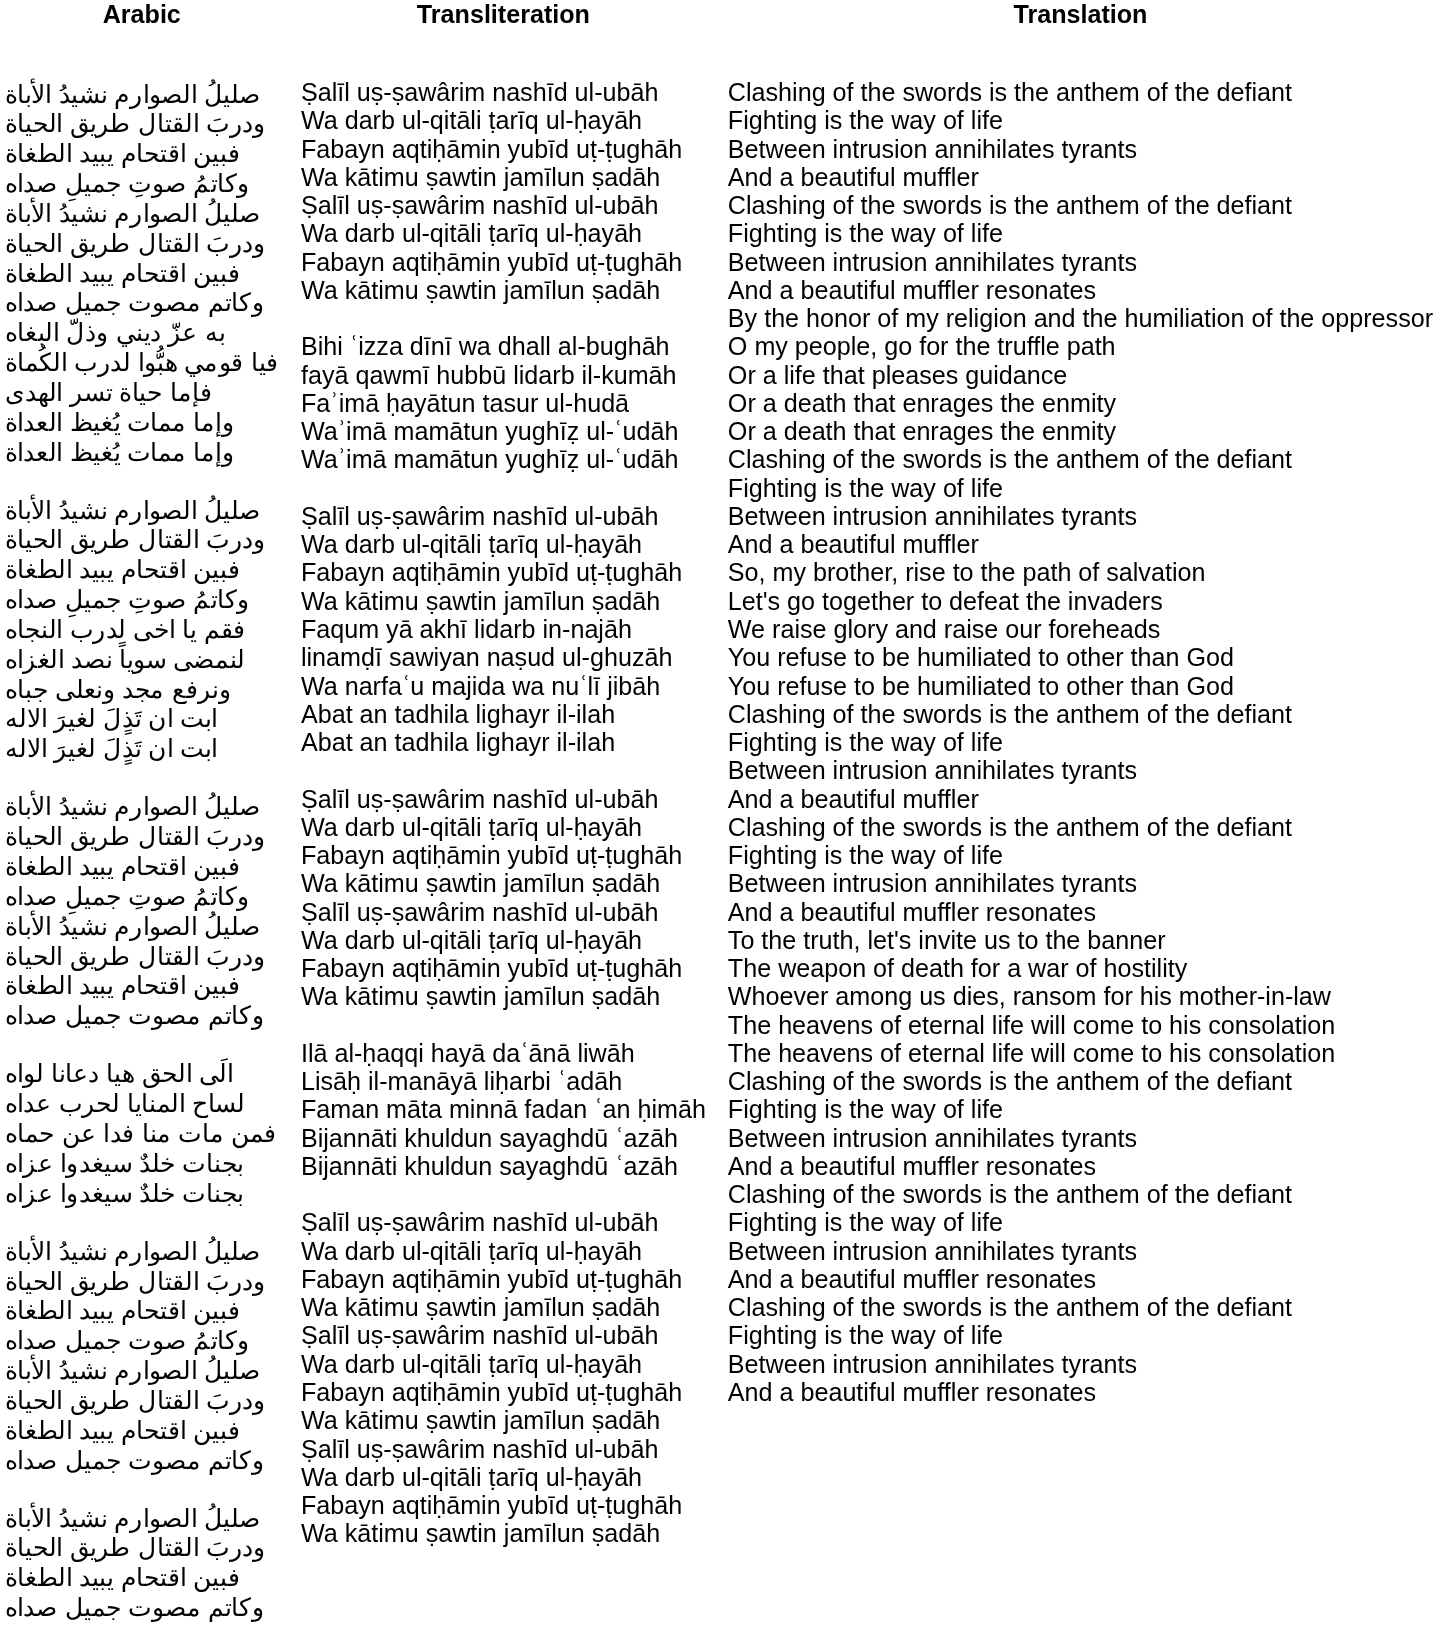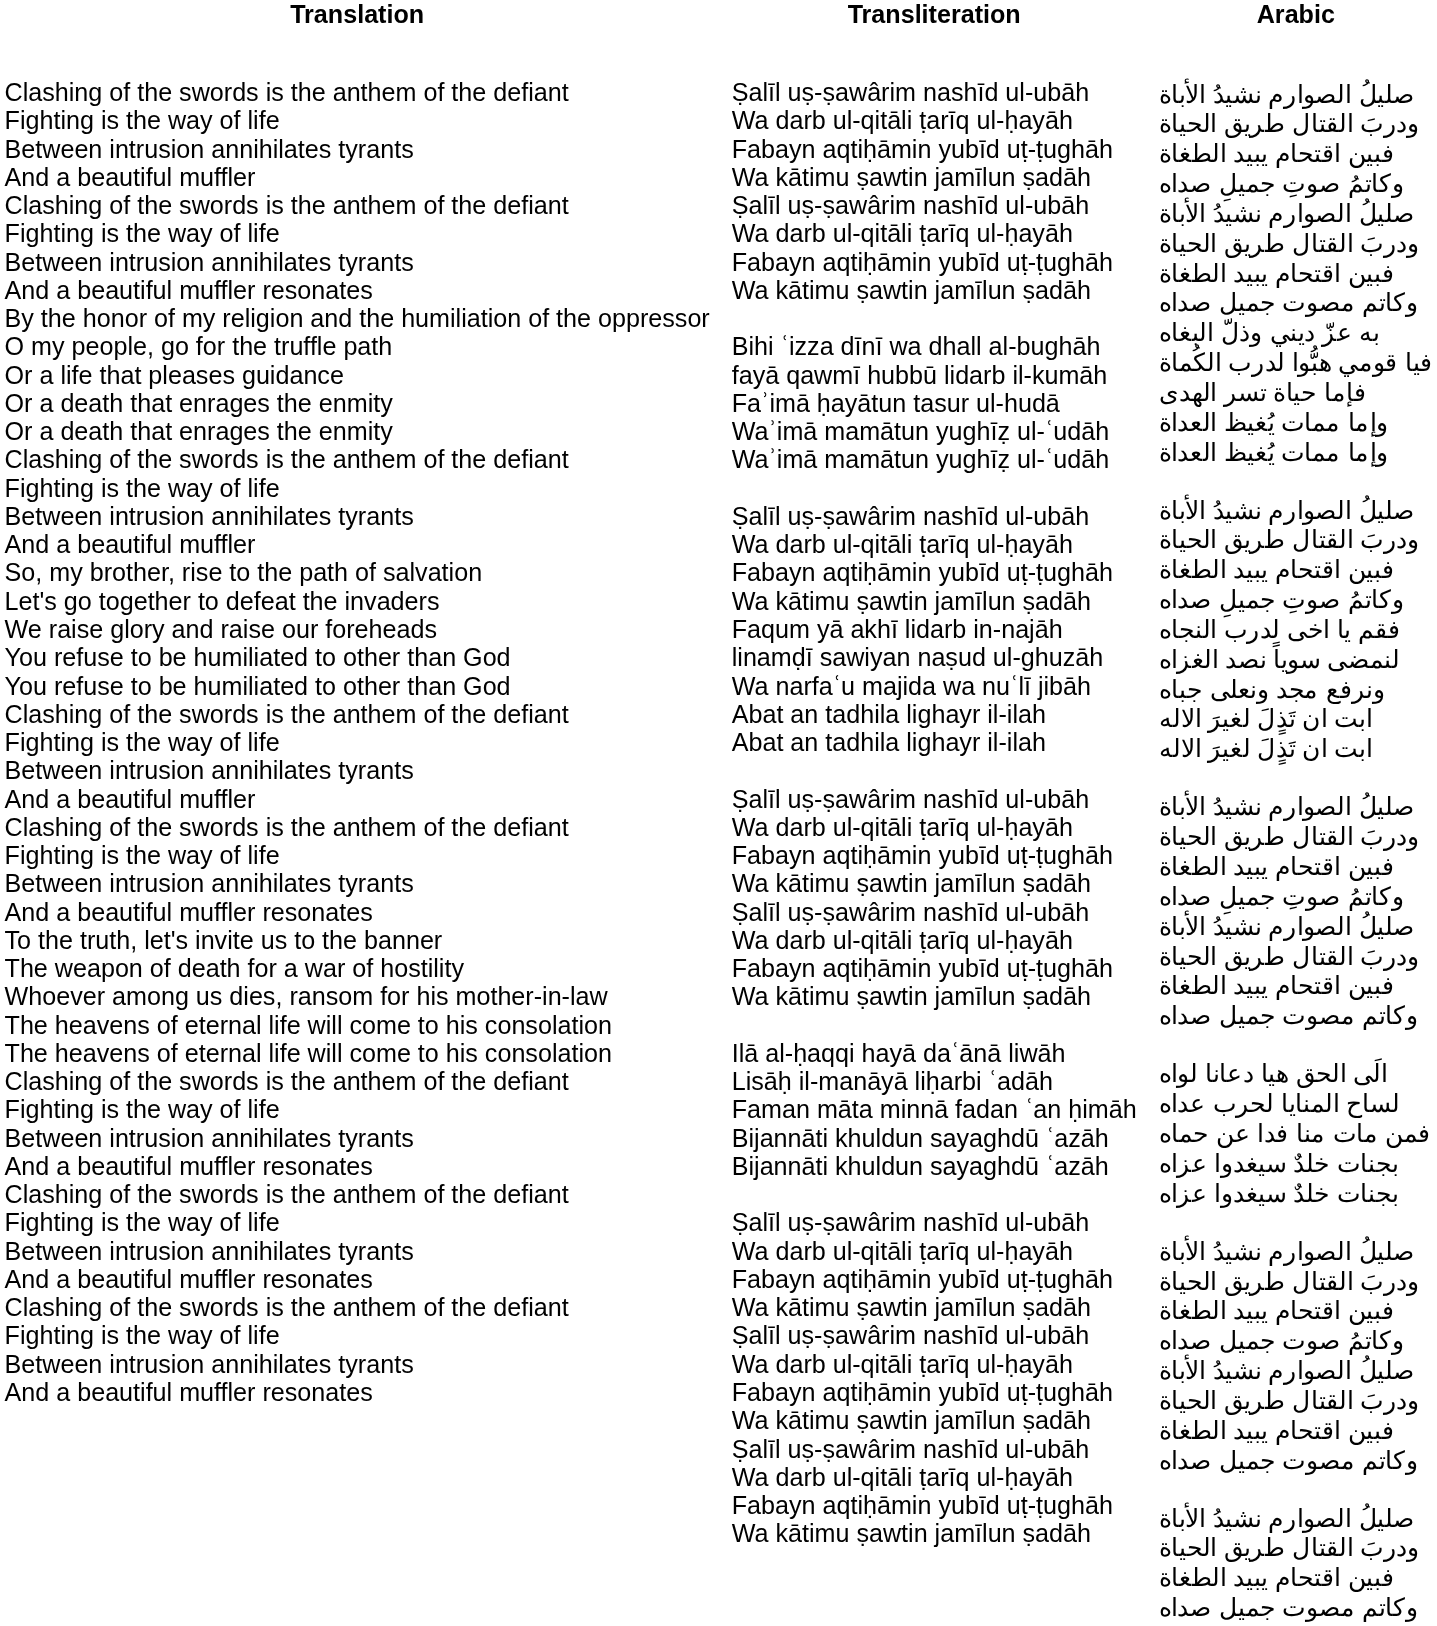 <table cellpadding=6>
 <tr>
+<th>Translation</th>
+<th>Transliteration</th>
 <th>Arabic</th>
-<th>Transliteration</th>
-<th>Translation</th>
 </tr>
 <tr style="vertical-align:top; white-space:nowrap;">
+<td><br>Clashing of the swords is the anthem of the defiant<br> Fighting is the way of life<br> Between intrusion annihilates tyrants<br> And a beautiful muffler<br> Clashing of the swords is the anthem of the defiant<br> Fighting is the way of life<br> Between intrusion annihilates tyrants<br> And a beautiful muffler resonates<br> By the honor of my religion and the humiliation of the oppressor<br> O my people, go for the truffle path<br> Or a life that pleases guidance<br> Or a death that enrages the enmity<br> Or a death that enrages the enmity<br> Clashing of the swords is the anthem of the defiant<br> Fighting is the way of life<br> Between intrusion annihilates tyrants<br> And a beautiful muffler<br> So, my brother, rise to the path of salvation<br> Let's go together to defeat the invaders<br> We raise glory and raise our foreheads<br> You refuse to be humiliated to other than God<br> You refuse to be humiliated to other than God<br> Clashing of the swords is the anthem of the defiant<br> Fighting is the way of life<br> Between intrusion annihilates tyrants<br> And a beautiful muffler<br> Clashing of the swords is the anthem of the defiant<br> Fighting is the way of life<br> Between intrusion annihilates tyrants<br> And a beautiful muffler resonates<br> To the truth, let's invite us to the banner<br> The weapon of death for a war of hostility<br> Whoever among us dies, ransom for his mother-in-law<br> The heavens of eternal life will come to his consolation<br> The heavens of eternal life will come to his consolation<br> Clashing of the swords is the anthem of the defiant<br> Fighting is the way of life<br> Between intrusion annihilates tyrants<br> And a beautiful muffler resonates<br> Clashing of the swords is the anthem of the defiant<br> Fighting is the way of life<br> Between intrusion annihilates tyrants<br> And a beautiful muffler resonates<br> Clashing of the swords is the anthem of the defiant<br> Fighting is the way of life<br> Between intrusion annihilates tyrants<br> And a beautiful muffler resonates</td>
+<td><br>Ṣalīl uṣ-ṣawârim nashīd ul-ubāh<br> Wa darb ul-qitāli ṭarīq ul-ḥayāh<br> Fabayn aqtiḥāmin yubīd uṭ-ṭughāh<br> Wa kātimu ṣawtin jamīlun ṣadāh<br> Ṣalīl uṣ-ṣawârim nashīd ul-ubāh<br> Wa darb ul-qitāli ṭarīq ul-ḥayāh<br> Fabayn aqtiḥāmin yubīd uṭ-ṭughāh<br> Wa kātimu ṣawtin jamīlun ṣadāh<br><br>Bihi ʿizza dīnī wa dhall al-bughāh<br>  fayā qawmī hubbū lidarb il-kumāh<br> Faʾimā ḥayātun tasur ul-hudā<br> Waʾimā mamātun yughīẓ ul-ʿudāh<br> Waʾimā mamātun yughīẓ ul-ʿudāh<br><br>Ṣalīl uṣ-ṣawârim nashīd ul-ubāh<br> Wa darb ul-qitāli ṭarīq ul-ḥayāh<br> Fabayn aqtiḥāmin yubīd uṭ-ṭughāh<br> Wa kātimu ṣawtin jamīlun ṣadāh<br> Faqum yā akhī lidarb in-najāh<br> linamḍī sawiyan naṣud ul-ghuzāh<br> Wa narfaʿu majida wa nuʿlī jibāh<br> Abat an tadhila lighayr il-ilah<br> Abat an tadhila lighayr il-ilah<br><br>Ṣalīl uṣ-ṣawârim nashīd ul-ubāh<br> Wa darb ul-qitāli ṭarīq ul-ḥayāh<br> Fabayn aqtiḥāmin yubīd uṭ-ṭughāh<br> Wa kātimu ṣawtin jamīlun ṣadāh<br> Ṣalīl uṣ-ṣawârim nashīd ul-ubāh<br> Wa darb ul-qitāli ṭarīq ul-ḥayāh<br> Fabayn aqtiḥāmin yubīd uṭ-ṭughāh<br> Wa kātimu ṣawtin jamīlun ṣadāh<br><br>Ilā al-ḥaqqi hayā daʿānā liwāh<br> Lisāḥ il-manāyā liḥarbi ʿadāh<br> Faman māta minnā fadan ʿan ḥimāh<br> Bijannāti khuldun sayaghdū ʿazāh<br> Bijannāti khuldun sayaghdū ʿazāh<br><br>Ṣalīl uṣ-ṣawârim nashīd ul-ubāh<br> Wa darb ul-qitāli ṭarīq ul-ḥayāh<br> Fabayn aqtiḥāmin yubīd uṭ-ṭughāh<br> Wa kātimu ṣawtin jamīlun ṣadāh<br> Ṣalīl uṣ-ṣawârim nashīd ul-ubāh<br> Wa darb ul-qitāli ṭarīq ul-ḥayāh<br> Fabayn aqtiḥāmin yubīd uṭ-ṭughāh<br> Wa kātimu ṣawtin jamīlun ṣadāh<br> Ṣalīl uṣ-ṣawârim nashīd ul-ubāh<br> Wa darb ul-qitāli ṭarīq ul-ḥayāh<br> Fabayn aqtiḥāmin yubīd uṭ-ṭughāh<br> Wa kātimu ṣawtin jamīlun ṣadāh</td>
 <td><br>صليلُ الصوارم نشيدُ الأباة<br> ودربَ القتال طريق الحياة<br> فبين اقتحام يبيد الطغاة<br> وكاتمُ صوتِ جميلِ صداه<br> صليلُ الصوارم نشيدُ الأباة<br> ودربَ القتال طريق الحياة<br> فبين اقتحام يبيد الطغاة<br> وكاتم مصوت جميل صداه<br> به عزّ ديني وذلّ البغاه<br> فيا قومي هبُّوا لدرب الكُماة<br> فإما حياة تسر الهدى<br> وإما ممات يُغيظ العداة<br> وإما ممات يُغيظ العداة<br><br>صليلُ الصوارم نشيدُ الأباة<br> ودربَ القتال طريق الحياة<br> فبين اقتحام يبيد الطغاة<br> وكاتمُ صوتِ جميلِ صداه<br> فقم يا اخى لدرب النجاه<br> لنمضى سوياً نصد الغزاه<br> ونرفع مجد ونعلى جباه<br> ابت ان تَذٍلَ لغيرَ الاله<br> ابت ان تَذٍلَ لغيرَ الاله<br><br>صليلُ الصوارم نشيدُ الأباة<br> ودربَ القتال طريق الحياة<br> فبين اقتحام يبيد الطغاة<br> وكاتمُ صوتِ جميلِ صداه<br> صليلُ الصوارم نشيدُ الأباة<br> ودربَ القتال طريق الحياة<br> فبين اقتحام يبيد الطغاة<br> وكاتم مصوت جميل صداه<br><br>الَى الحق هيا دعانا لواه<br> لساح المنايا لحرب عداه<br> فمن مات منا فدا عن حماه<br> بجنات خلدٌ سيغدوا عزاه<br> بجنات خلدٌ سيغدوا عزاه<br><br>صليلُ الصوارم نشيدُ الأباة<br> ودربَ القتال طريق الحياة<br> فبين اقتحام يبيد الطغاة<br> وكاتمُ صوت جميل صداه<br> صليلُ الصوارم نشيدُ الأباة<br> ودربَ القتال طريق الحياة<br> فبين اقتحام يبيد الطغاة<br> وكاتم مصوت جميل صداه<br><br>صليلُ الصوارم نشيدُ الأباة<br> ودربَ القتال طريق الحياة<br> فبين اقتحام يبيد الطغاة<br> وكاتم مصوت جميل صداه<br></td>
-<td><br>Ṣalīl uṣ-ṣawârim nashīd ul-ubāh<br> Wa darb ul-qitāli ṭarīq ul-ḥayāh<br> Fabayn aqtiḥāmin yubīd uṭ-ṭughāh<br> Wa kātimu ṣawtin jamīlun ṣadāh<br> Ṣalīl uṣ-ṣawârim nashīd ul-ubāh<br> Wa darb ul-qitāli ṭarīq ul-ḥayāh<br> Fabayn aqtiḥāmin yubīd uṭ-ṭughāh<br> Wa kātimu ṣawtin jamīlun ṣadāh<br><br>Bihi ʿizza dīnī wa dhall al-bughāh<br>  fayā qawmī hubbū lidarb il-kumāh<br> Faʾimā ḥayātun tasur ul-hudā<br> Waʾimā mamātun yughīẓ ul-ʿudāh<br> Waʾimā mamātun yughīẓ ul-ʿudāh<br><br>Ṣalīl uṣ-ṣawârim nashīd ul-ubāh<br> Wa darb ul-qitāli ṭarīq ul-ḥayāh<br> Fabayn aqtiḥāmin yubīd uṭ-ṭughāh<br> Wa kātimu ṣawtin jamīlun ṣadāh<br> Faqum yā akhī lidarb in-najāh<br> linamḍī sawiyan naṣud ul-ghuzāh<br> Wa narfaʿu majida wa nuʿlī jibāh<br> Abat an tadhila lighayr il-ilah<br> Abat an tadhila lighayr il-ilah<br><br>Ṣalīl uṣ-ṣawârim nashīd ul-ubāh<br> Wa darb ul-qitāli ṭarīq ul-ḥayāh<br> Fabayn aqtiḥāmin yubīd uṭ-ṭughāh<br> Wa kātimu ṣawtin jamīlun ṣadāh<br> Ṣalīl uṣ-ṣawârim nashīd ul-ubāh<br> Wa darb ul-qitāli ṭarīq ul-ḥayāh<br> Fabayn aqtiḥāmin yubīd uṭ-ṭughāh<br> Wa kātimu ṣawtin jamīlun ṣadāh<br><br>Ilā al-ḥaqqi hayā daʿānā liwāh<br> Lisāḥ il-manāyā liḥarbi ʿadāh<br> Faman māta minnā fadan ʿan ḥimāh<br> Bijannāti khuldun sayaghdū ʿazāh<br> Bijannāti khuldun sayaghdū ʿazāh<br><br>Ṣalīl uṣ-ṣawârim nashīd ul-ubāh<br> Wa darb ul-qitāli ṭarīq ul-ḥayāh<br> Fabayn aqtiḥāmin yubīd uṭ-ṭughāh<br> Wa kātimu ṣawtin jamīlun ṣadāh<br> Ṣalīl uṣ-ṣawârim nashīd ul-ubāh<br> Wa darb ul-qitāli ṭarīq ul-ḥayāh<br> Fabayn aqtiḥāmin yubīd uṭ-ṭughāh<br> Wa kātimu ṣawtin jamīlun ṣadāh<br> Ṣalīl uṣ-ṣawârim nashīd ul-ubāh<br> Wa darb ul-qitāli ṭarīq ul-ḥayāh<br> Fabayn aqtiḥāmin yubīd uṭ-ṭughāh<br> Wa kātimu ṣawtin jamīlun ṣadāh</td>
-<td><br>Clashing of the swords is the anthem of the defiant<br> Fighting is the way of life<br> Between intrusion annihilates tyrants<br> And a beautiful muffler<br> Clashing of the swords is the anthem of the defiant<br> Fighting is the way of life<br> Between intrusion annihilates tyrants<br> And a beautiful muffler resonates<br> By the honor of my religion and the humiliation of the oppressor<br> O my people, go for the truffle path<br> Or a life that pleases guidance<br> Or a death that enrages the enmity<br> Or a death that enrages the enmity<br> Clashing of the swords is the anthem of the defiant<br> Fighting is the way of life<br> Between intrusion annihilates tyrants<br> And a beautiful muffler<br> So, my brother, rise to the path of salvation<br> Let's go together to defeat the invaders<br> We raise glory and raise our foreheads<br> You refuse to be humiliated to other than God<br> You refuse to be humiliated to other than God<br> Clashing of the swords is the anthem of the defiant<br> Fighting is the way of life<br> Between intrusion annihilates tyrants<br> And a beautiful muffler<br> Clashing of the swords is the anthem of the defiant<br> Fighting is the way of life<br> Between intrusion annihilates tyrants<br> And a beautiful muffler resonates<br> To the truth, let's invite us to the banner<br> The weapon of death for a war of hostility<br> Whoever among us dies, ransom for his mother-in-law<br> The heavens of eternal life will come to his consolation<br> The heavens of eternal life will come to his consolation<br> Clashing of the swords is the anthem of the defiant<br> Fighting is the way of life<br> Between intrusion annihilates tyrants<br> And a beautiful muffler resonates<br> Clashing of the swords is the anthem of the defiant<br> Fighting is the way of life<br> Between intrusion annihilates tyrants<br> And a beautiful muffler resonates<br> Clashing of the swords is the anthem of the defiant<br> Fighting is the way of life<br> Between intrusion annihilates tyrants<br> And a beautiful muffler resonates</td>
 </tr>
 </table>
